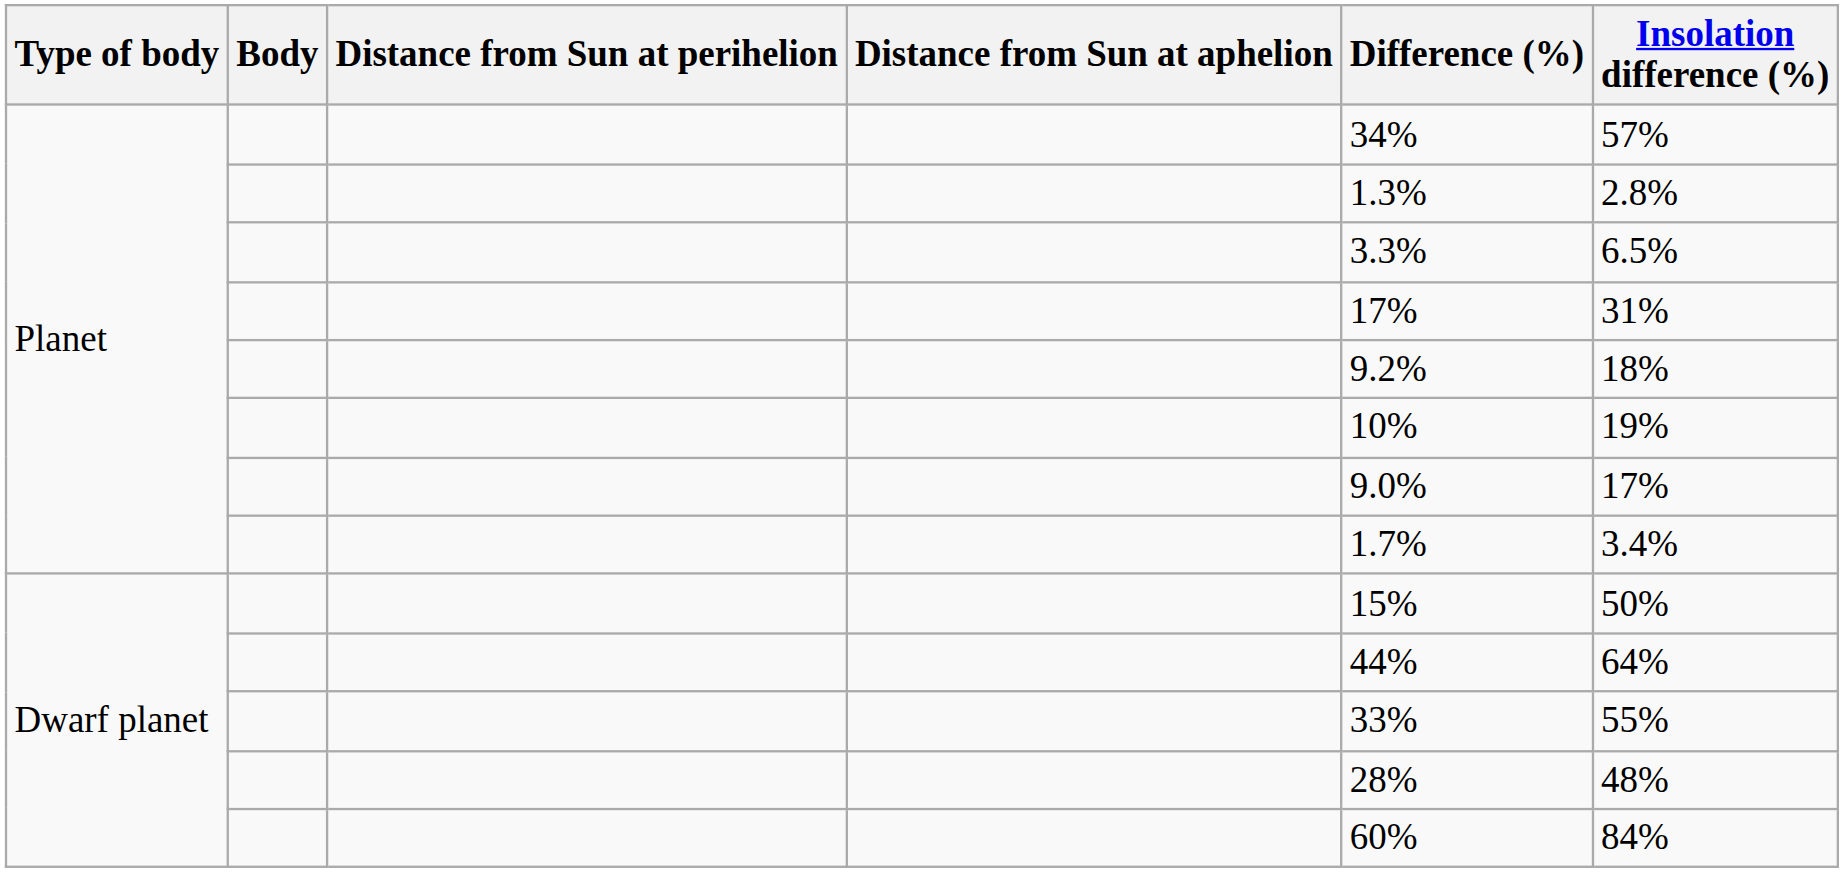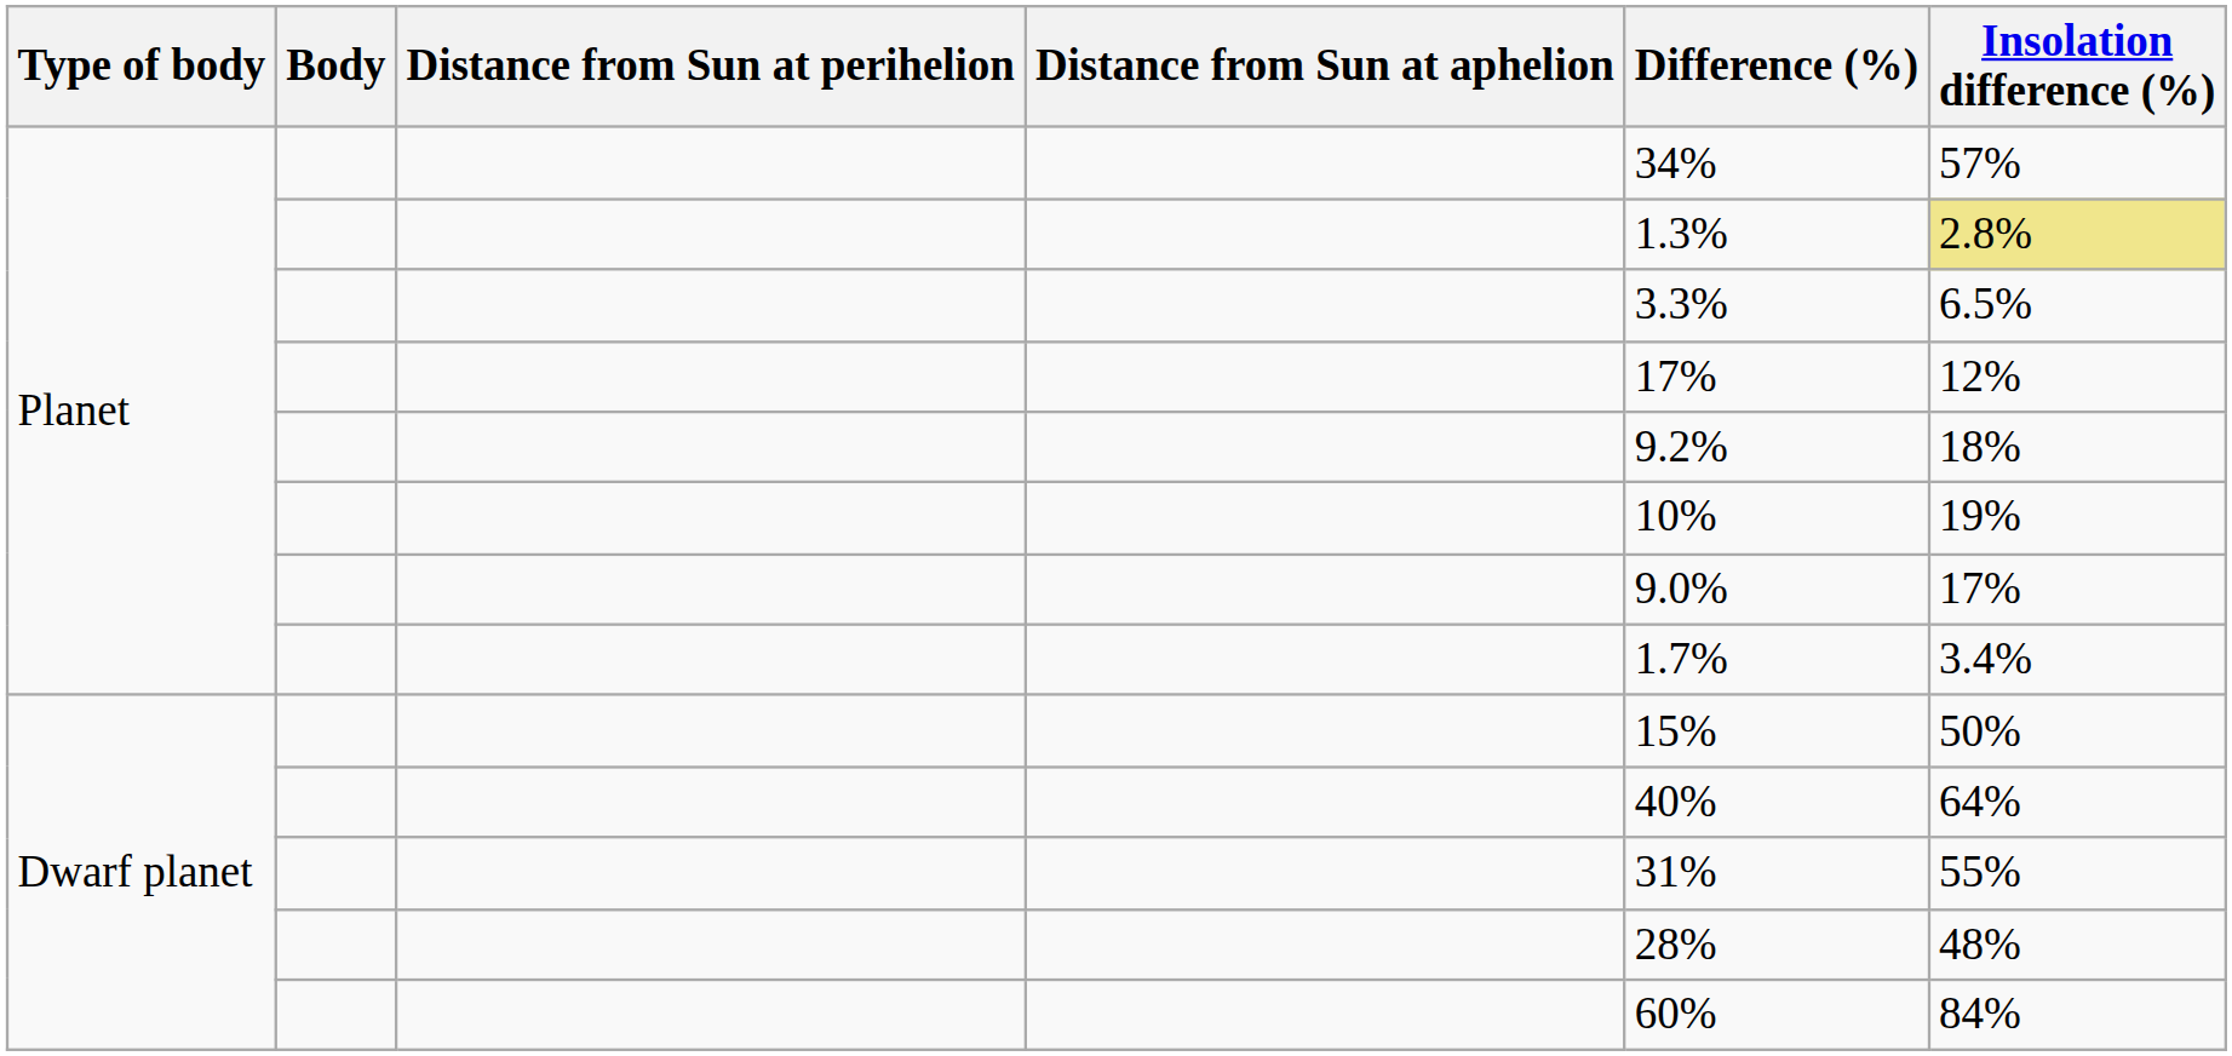 <table class="wikitable sortable" style="margin-left:auto; margin-right:auto;">
 <tr>
 <th class="unsortable">Type of body</th>
 <th>Body</th>
 <th class="unsortable">Distance from Sun at perihelion</th>
 <th class="unsortable">Distance from Sun at aphelion</th>
 <th>Difference (%)</th>
 <th><a href='#'>Insolation</a><br>difference (%)</th>
 </tr>
 <tr>
 <td rowspan=8>Planet</td>
 <td></td>
 <td></td>
 <td></td>
 <td>34%</td>
 <td>57%</td>
 </tr>
 <tr>
 <td></td>
 <td></td>
 <td></td>
 <td>1.3%</td>
-<td>2.8%</td>
+<td style="background: khaki;">2.8%</td>
 </tr>
 <tr>
 <td></td>
 <td></td>
 <td></td>
 <td>3.3%</td>
 <td>6.5%</td>
 </tr>
 <tr>
 <td></td>
 <td></td>
 <td></td>
 <td>17%</td>
-<td>31%</td>
+<td>12%</td>
 </tr>
 <tr>
 <td></td>
 <td></td>
 <td></td>
 <td>9.2%</td>
 <td>18%</td>
 </tr>
 <tr>
 <td></td>
 <td></td>
 <td></td>
 <td>10%</td>
 <td>19%</td>
 </tr>
 <tr>
 <td></td>
 <td></td>
 <td></td>
 <td>9.0%</td>
 <td>17%</td>
 </tr>
 <tr>
 <td></td>
 <td></td>
 <td></td>
 <td>1.7%</td>
 <td>3.4%</td>
 </tr>
 <tr>
 <td rowspan=5>Dwarf planet</td>
 <td></td>
 <td></td>
 <td></td>
 <td>15%</td>
 <td>50%</td>
 </tr>
 <tr>
 <td></td>
 <td></td>
 <td></td>
-<td>44%</td>
+<td>40%</td>
 <td>64%</td>
 </tr>
 <tr>
 <td></td>
 <td></td>
 <td></td>
-<td>33%</td>
+<td>31%</td>
 <td>55%</td>
 </tr>
 <tr>
 <td></td>
 <td></td>
 <td></td>
 <td>28%</td>
 <td>48%</td>
 </tr>
 <tr>
 <td></td>
 <td></td>
 <td></td>
 <td>60%</td>
 <td>84%</td>
 </tr>
 </table>
